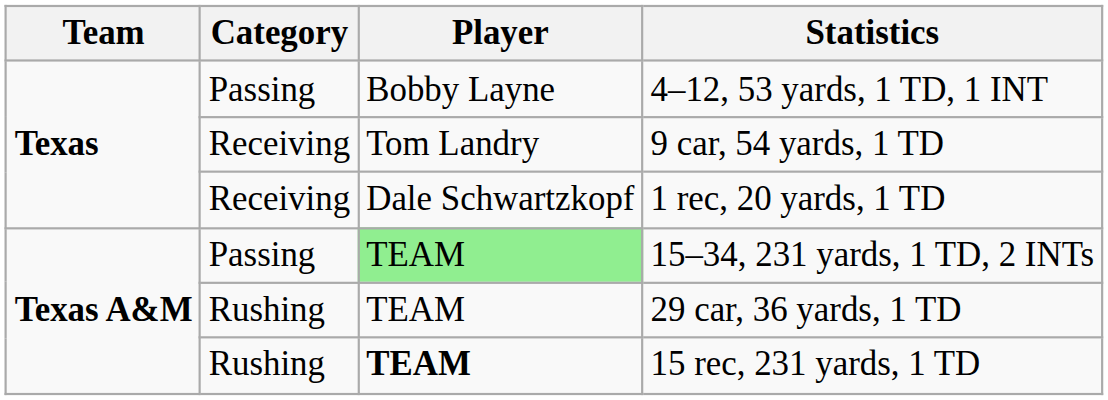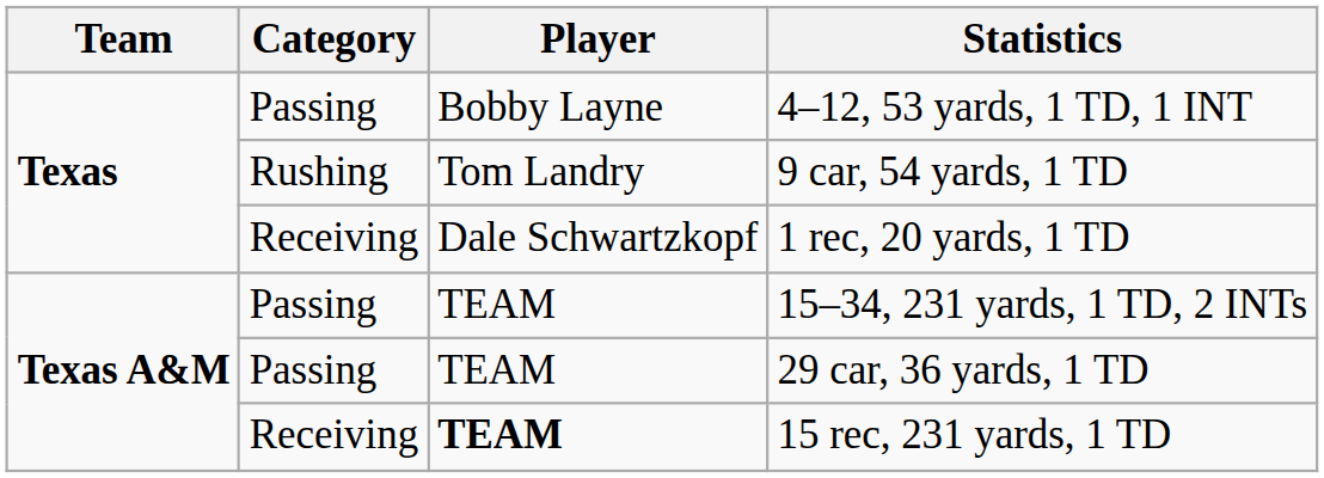 <table class="wikitable" style="float: right;">
 <tr>
 <th>Team</th>
 <th>Category</th>
 <th>Player</th>
 <th>Statistics</th>
 </tr>
 <tr>
 <td rowspan=3><strong>Texas</strong></td>
 <td>Passing</td>
 <td>Bobby Layne</td>
 <td>4–12, 53 yards, 1 TD, 1 INT</td>
 </tr>
 <tr>
-<td>Receiving</td>
+<td>Rushing</td>
 <td>Tom Landry</td>
 <td>9 car, 54 yards, 1 TD</td>
 </tr>
 <tr>
 <td>Receiving</td>
 <td>Dale Schwartzkopf</td>
 <td>1 rec, 20 yards, 1 TD</td>
 </tr>
 <tr>
 <td rowspan=3><strong>Texas A&M</strong></td>
 <td>Passing</td>
-<td style="background: lightgreen;">TEAM</td>
+<td>TEAM</td>
 <td>15–34, 231 yards, 1 TD, 2 INTs</td>
 </tr>
 <tr>
-<td>Rushing</td>
+<td>Passing</td>
 <td>TEAM</td>
 <td>29 car, 36 yards, 1 TD</td>
 </tr>
 <tr>
-<td>Rushing</td>
+<td>Receiving</td>
 <td><strong>TEAM</strong></td>
 <td>15 rec, 231 yards, 1 TD</td>
 </tr>
 </table>
